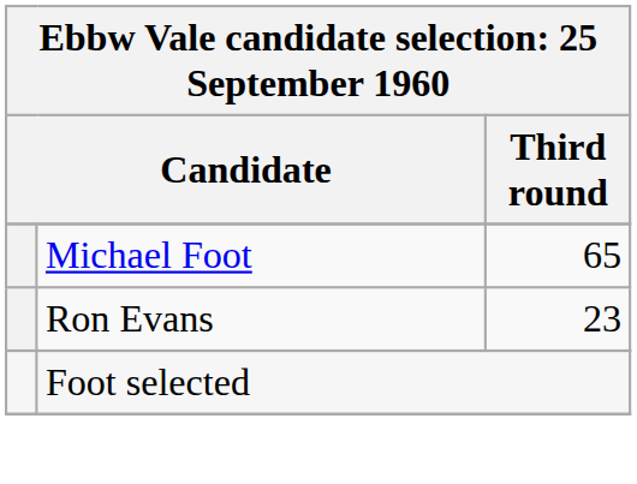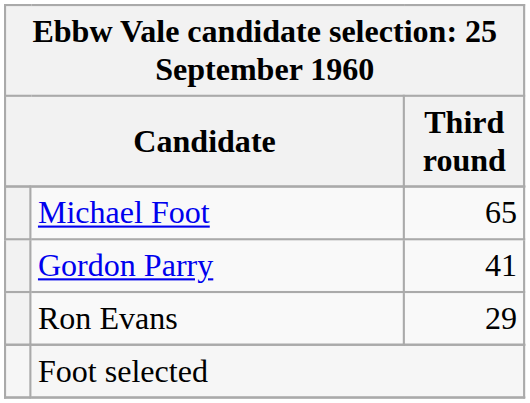 <table class="wikitable" style="font-size: 95%;">
 <tr>
 <th colspan="3">Ebbw Vale candidate selection: 25 September 1960</th>
 </tr>
 <tr>
 <th colspan="2" style="width: 170px">Candidate</th>
 <th style="width: 50px">Third round</th>
 </tr>
 <tr>
 </tr>
 <tr>
 <th width="5" style="background-color: "></th>
 <td style="width: 170px"><a href='#'>Michael Foot</a></td>
 <td align="right">65</td>
 </tr>
 <tr>
 <th style="background-color: "></th>
+<td style="width: 170px"><a href='#'>Gordon Parry</a></td>
+<td align="right">41</td>
+</tr>
+<tr>
+<th style="background-color: "></th>
 <td style="width: 170px">Ron Evans</td>
-<td align="right">23</td>
+<td align="right">29</td>
 </tr>
 <tr>
 </tr>
 <tr style="background-color:#F6F6F6">
 <td></td>
 <td colspan="2">Foot selected</td>
 </tr>
 <tr>
 </tr>
 </table>
